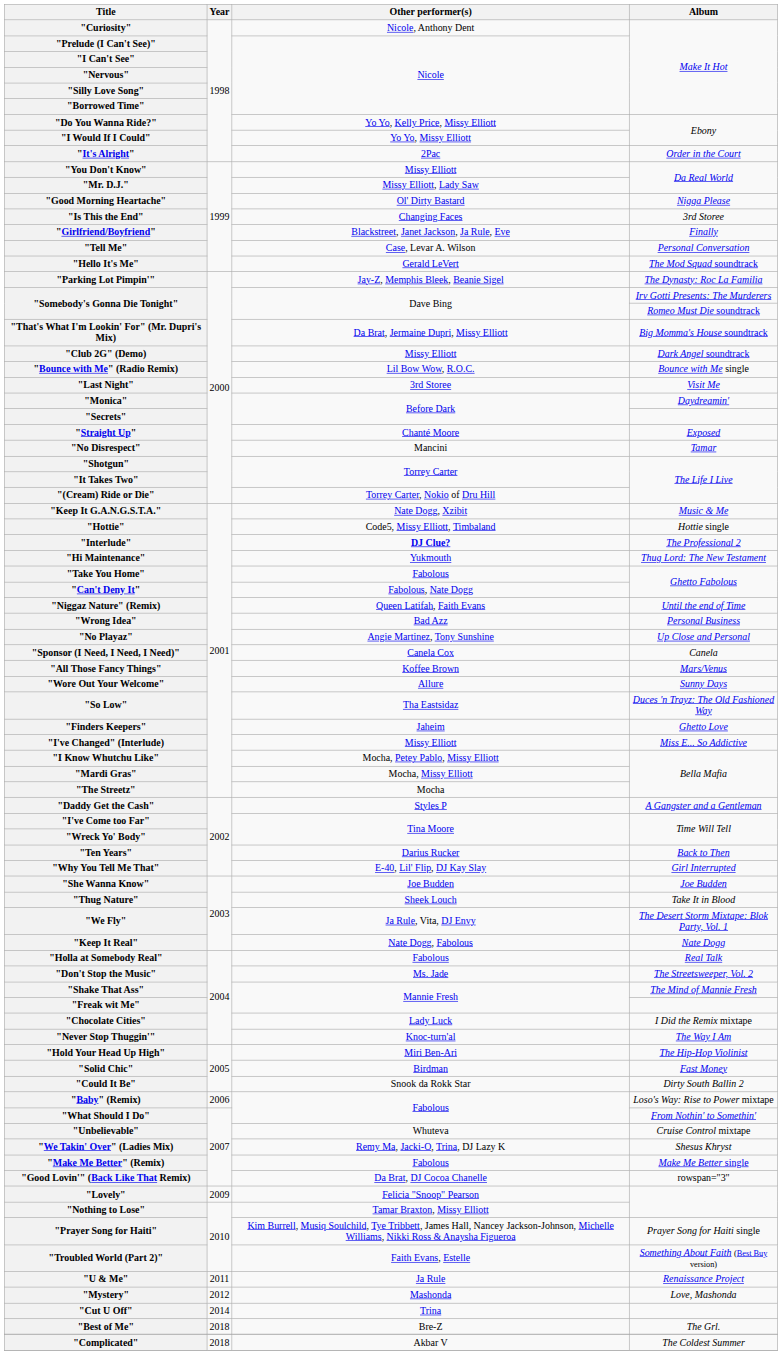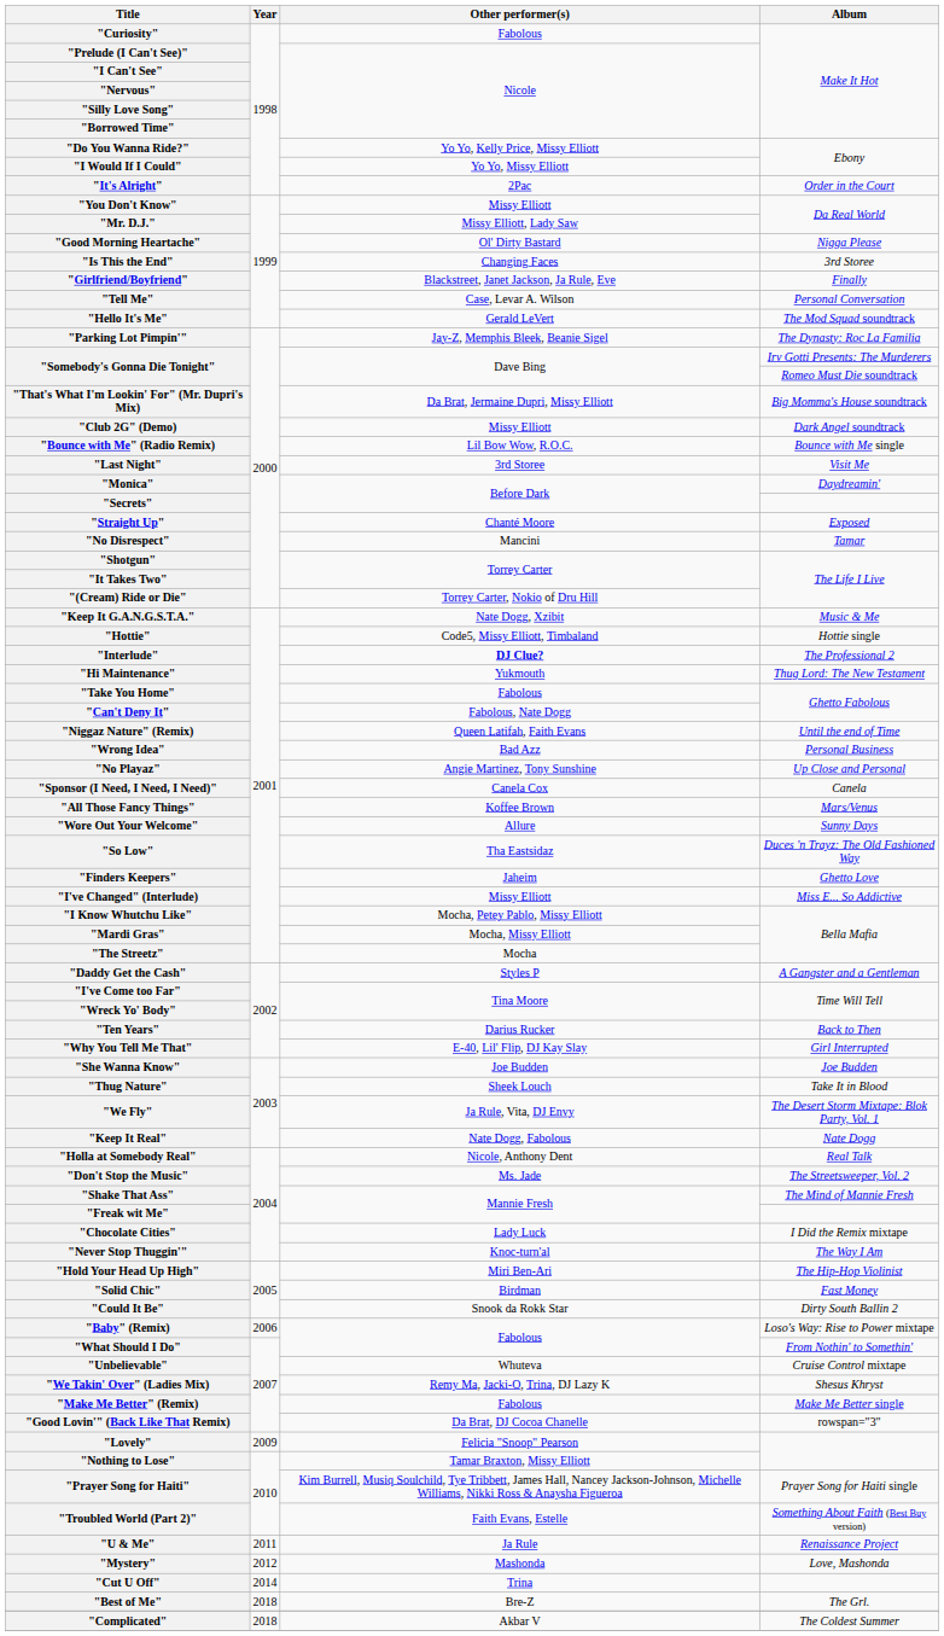 <table class="wikitable plainrowheaders" style="text-align:center;">
 <tr>
 <th scope="col" style="width:20em;">Title</th>
 <th scope="col">Year</th>
 <th scope="col">Other performer(s)</th>
 <th scope="col">Album</th>
 </tr>
 <tr>
 <th scope="row">"Curiosity"</th>
 <td rowspan="9">1998</td>
-<td><a href='#'>Nicole</a>, Anthony Dent</td>
+<td><a href='#'>Fabolous</a></td>
 <td rowspan="6"><em><a href='#'>Make It Hot</a></em></td>
 </tr>
 <tr>
 <th scope="row">"Prelude (I Can't See)"</th>
 <td rowspan="5"><a href='#'>Nicole</a></td>
 </tr>
 <tr>
 <th scope="row">"I Can't See"</th>
 </tr>
 <tr>
 <th scope="row">"Nervous"</th>
 </tr>
 <tr>
 <th scope="row">"Silly Love Song"</th>
 </tr>
 <tr>
 <th scope="row">"Borrowed Time"</th>
 </tr>
 <tr>
 <th scope="row">"Do You Wanna Ride?"</th>
 <td><a href='#'>Yo Yo</a>, <a href='#'>Kelly Price</a>, <a href='#'>Missy Elliott</a></td>
 <td rowspan="2"><em>Ebony</em></td>
 </tr>
 <tr>
 <th scope="row">"I Would If I Could"</th>
 <td><a href='#'>Yo Yo</a>, <a href='#'>Missy Elliott</a></td>
 </tr>
 <tr>
 <th scope="row">"<a href='#'>It's Alright</a>"</th>
 <td><a href='#'>2Pac</a></td>
 <td><em><a href='#'>Order in the Court</a></em></td>
 </tr>
 <tr>
 <th scope="row">"You Don't Know"</th>
 <td rowspan="7">1999</td>
 <td><a href='#'>Missy Elliott</a></td>
 <td rowspan="2"><em><a href='#'>Da Real World</a></em></td>
 </tr>
 <tr>
 <th scope="row">"Mr. D.J."</th>
 <td><a href='#'>Missy Elliott</a>, <a href='#'>Lady Saw</a></td>
 </tr>
 <tr>
 <th scope="row">"Good Morning Heartache"</th>
 <td><a href='#'>Ol' Dirty Bastard</a></td>
 <td><em><a href='#'>Nigga Please</a></em></td>
 </tr>
 <tr>
 <th scope="row">"Is This the End"</th>
 <td><a href='#'>Changing Faces</a></td>
 <td><em>3rd Storee</em></td>
 </tr>
 <tr>
 <th scope="row">"<a href='#'>Girlfriend/Boyfriend</a>"</th>
 <td><a href='#'>Blackstreet</a>, <a href='#'>Janet Jackson</a>, <a href='#'>Ja Rule</a>, <a href='#'>Eve</a></td>
 <td><em><a href='#'>Finally</a></em></td>
 </tr>
 <tr>
 <th scope="row">"Tell Me"</th>
 <td><a href='#'>Case</a>, Levar A. Wilson</td>
 <td><em><a href='#'>Personal Conversation</a></em></td>
 </tr>
 <tr>
 <th scope="row">"Hello It's Me"</th>
 <td><a href='#'>Gerald LeVert</a></td>
 <td><a href='#'><em>The Mod Squad</em> soundtrack</a></td>
 </tr>
 <tr>
 <th scope="row">"Parking Lot Pimpin'"</th>
 <td rowspan="14">2000</td>
 <td><a href='#'>Jay-Z</a>, <a href='#'>Memphis Bleek</a>, <a href='#'>Beanie Sigel</a></td>
 <td><em><a href='#'>The Dynasty: Roc La Familia</a></em></td>
 </tr>
 <tr>
 <th scope="row" rowspan="2">"Somebody's Gonna Die Tonight"</th>
 <td rowspan="2">Dave Bing</td>
 <td><em><a href='#'>Irv Gotti Presents: The Murderers</a></em></td>
 </tr>
 <tr>
 <td><a href='#'><em>Romeo Must Die</em> soundtrack</a></td>
 </tr>
 <tr>
 <th scope="row">"That's What I'm Lookin' For" (Mr. Dupri's Mix)</th>
 <td><a href='#'>Da Brat</a>, <a href='#'>Jermaine Dupri</a>, <a href='#'>Missy Elliott</a></td>
 <td><a href='#'><em>Big Momma's House</em> soundtrack</a></td>
 </tr>
 <tr>
 <th scope="row">"Club 2G" (Demo)</th>
 <td><a href='#'>Missy Elliott</a></td>
 <td><a href='#'><em>Dark Angel</em> soundtrack</a></td>
 </tr>
 <tr>
 <th scope="row">"<a href='#'>Bounce with Me</a>" (Radio Remix)</th>
 <td><a href='#'>Lil Bow Wow</a>, <a href='#'>R.O.C.</a></td>
 <td><em><a href='#'>Bounce with Me</a></em> single</td>
 </tr>
 <tr>
 <th scope="row">"Last Night"</th>
 <td><a href='#'>3rd Storee</a></td>
 <td><em><a href='#'>Visit Me</a></em></td>
 </tr>
 <tr>
 <th scope="row">"Monica"</th>
 <td rowspan="2"><a href='#'>Before Dark</a></td>
 <td><em><a href='#'>Daydreamin'</a></em></td>
 </tr>
 <tr>
 <th scope="row">"Secrets"</th>
 <td></td>
 </tr>
 <tr>
 <th scope="row">"<a href='#'>Straight Up</a>"</th>
 <td><a href='#'>Chanté Moore</a></td>
 <td><em><a href='#'>Exposed</a></em></td>
 </tr>
 <tr>
 <th scope="row">"No Disrespect"</th>
 <td>Mancini</td>
 <td><em><a href='#'>Tamar</a></em></td>
 </tr>
 <tr>
 <th scope="row">"Shotgun"</th>
 <td rowspan="2"><a href='#'>Torrey Carter</a></td>
 <td rowspan="3"><em><a href='#'>The Life I Live</a></em></td>
 </tr>
 <tr>
 <th scope="row">"It Takes Two"</th>
 </tr>
 <tr>
 <th scope="row">"(Cream) Ride or Die"</th>
 <td><a href='#'>Torrey Carter</a>, <a href='#'>Nokio</a> of <a href='#'>Dru Hill</a></td>
 </tr>
 <tr>
 <th scope="row">"Keep It G.A.N.G.S.T.A."</th>
 <td rowspan="18">2001</td>
 <td><a href='#'>Nate Dogg</a>, <a href='#'>Xzibit</a></td>
 <td><em><a href='#'>Music & Me</a></em></td>
 </tr>
 <tr>
 <th scope="row">"Hottie"</th>
 <td>Code5, <a href='#'>Missy Elliott</a>, <a href='#'>Timbaland</a></td>
 <td><em>Hottie</em> single</td>
 </tr>
 <tr>
 <th scope="row">"Interlude"</th>
 <td><strong><a href='#'>DJ Clue?</a></strong></td>
 <td><em><a href='#'>The Professional 2</a></em></td>
 </tr>
 <tr>
 <th scope="row">"Hi Maintenance"</th>
 <td><a href='#'>Yukmouth</a></td>
 <td><em><a href='#'>Thug Lord: The New Testament</a></em></td>
 </tr>
 <tr>
 <th scope="row">"Take You Home"</th>
 <td><a href='#'>Fabolous</a></td>
 <td rowspan="2"><em><a href='#'>Ghetto Fabolous</a></em></td>
 </tr>
 <tr>
 <th scope="row">"<a href='#'>Can't Deny It</a>"</th>
 <td><a href='#'>Fabolous</a>, <a href='#'>Nate Dogg</a></td>
 </tr>
 <tr>
 <th scope="row">"Niggaz Nature" (Remix)</th>
 <td><a href='#'>Queen Latifah</a>, <a href='#'>Faith Evans</a></td>
 <td><em><a href='#'>Until the end of Time</a></em></td>
 </tr>
 <tr>
 <th scope="row">"Wrong Idea"</th>
 <td><a href='#'>Bad Azz</a></td>
 <td><em><a href='#'>Personal Business</a></em></td>
 </tr>
 <tr>
 <th scope="row">"No Playaz"</th>
 <td><a href='#'>Angie Martinez</a>, <a href='#'>Tony Sunshine</a></td>
 <td><em><a href='#'>Up Close and Personal</a></em></td>
 </tr>
 <tr>
 <th scope="row">"Sponsor (I Need, I Need, I Need)"</th>
 <td><a href='#'>Canela Cox</a></td>
 <td><em>Canela</em></td>
 </tr>
 <tr>
 <th scope="row">"All Those Fancy Things"</th>
 <td><a href='#'>Koffee Brown</a></td>
 <td><em><a href='#'>Mars/Venus</a></em></td>
 </tr>
 <tr>
 <th scope="row">"Wore Out Your Welcome"</th>
 <td><a href='#'>Allure</a></td>
 <td><em><a href='#'>Sunny Days</a></em></td>
 </tr>
 <tr>
 <th scope="row">"So Low"</th>
 <td><a href='#'>Tha Eastsidaz</a></td>
 <td><em><a href='#'>Duces 'n Trayz: The Old Fashioned Way</a></em></td>
 </tr>
 <tr>
 <th scope="row">"Finders Keepers"</th>
 <td><a href='#'>Jaheim</a></td>
 <td><em><a href='#'>Ghetto Love</a></em></td>
 </tr>
 <tr>
 <th scope="row">"I've Changed" (Interlude)</th>
 <td><a href='#'>Missy Elliott</a></td>
 <td><em><a href='#'>Miss E... So Addictive</a></em></td>
 </tr>
 <tr>
 <th scope="row">"I Know Whutchu Like"</th>
 <td>Mocha, <a href='#'>Petey Pablo</a>, <a href='#'>Missy Elliott</a></td>
 <td rowspan="3"><em>Bella Mafia</em></td>
 </tr>
 <tr>
 <th scope="row">"Mardi Gras"</th>
 <td>Mocha, <a href='#'>Missy Elliott</a></td>
 </tr>
 <tr>
 <th scope="row">"The Streetz"</th>
 <td>Mocha</td>
 </tr>
 <tr>
 <th scope="row">"Daddy Get the Cash"</th>
 <td rowspan="5">2002</td>
 <td><a href='#'>Styles P</a></td>
 <td><em><a href='#'>A Gangster and a Gentleman</a></em></td>
 </tr>
 <tr>
 <th scope="row">"I've Come too Far"</th>
 <td rowspan="2"><a href='#'>Tina Moore</a></td>
 <td rowspan="2"><em>Time Will Tell</em></td>
 </tr>
 <tr>
 <th scope="row">"Wreck Yo' Body"</th>
 </tr>
 <tr>
 <th scope="row">"Ten Years"</th>
 <td><a href='#'>Darius Rucker</a></td>
 <td><em><a href='#'>Back to Then</a></em></td>
 </tr>
 <tr>
 <th scope="row">"Why You Tell Me That"</th>
 <td><a href='#'>E-40</a>, <a href='#'>Lil' Flip</a>, <a href='#'>DJ Kay Slay</a></td>
 <td><em><a href='#'>Girl Interrupted</a></em></td>
 </tr>
 <tr>
 <th scope="row">"She Wanna Know"</th>
 <td rowspan="4">2003</td>
 <td><a href='#'>Joe Budden</a></td>
 <td><a href='#'><em>Joe Budden</em></a></td>
 </tr>
 <tr>
 <th scope="row">"Thug Nature"</th>
 <td><a href='#'>Sheek Louch</a></td>
 <td><em>Take It in Blood</em></td>
 </tr>
 <tr>
 <th scope="row">"We Fly"</th>
 <td><a href='#'>Ja Rule</a>, Vita, <a href='#'>DJ Envy</a></td>
 <td><em><a href='#'>The Desert Storm Mixtape: Blok Party, Vol. 1</a></em></td>
 </tr>
 <tr>
 <th scope="row">"Keep It Real"</th>
 <td><a href='#'>Nate Dogg</a>, <a href='#'>Fabolous</a></td>
 <td><em><a href='#'>Nate Dogg</a></em></td>
 </tr>
 <tr>
 <th scope="row">"Holla at Somebody Real"</th>
 <td rowspan="6">2004</td>
-<td><a href='#'>Fabolous</a></td>
+<td><a href='#'>Nicole</a>, Anthony Dent</td>
 <td><em><a href='#'>Real Talk</a></em></td>
 </tr>
 <tr>
 <th scope="row">"Don't Stop the Music"</th>
 <td><a href='#'>Ms. Jade</a></td>
 <td><em><a href='#'>The Streetsweeper, Vol. 2</a></em></td>
 </tr>
 <tr>
 <th scope="row">"Shake That Ass"</th>
 <td rowspan="2"><a href='#'>Mannie Fresh</a></td>
 <td><em><a href='#'>The Mind of Mannie Fresh</a></em></td>
 </tr>
 <tr>
 <th scope="row">"Freak wit Me"</th>
 <td></td>
 </tr>
 <tr>
 <th scope="row">"Chocolate Cities"</th>
 <td><a href='#'>Lady Luck</a></td>
 <td><em>I Did the Remix</em> mixtape</td>
 </tr>
 <tr>
 <th scope="row">"Never Stop Thuggin'"</th>
 <td><a href='#'>Knoc-turn'al</a></td>
 <td><em><a href='#'>The Way I Am</a></em></td>
 </tr>
 <tr>
 <th scope="row">"Hold Your Head Up High"</th>
 <td rowspan="3">2005</td>
 <td><a href='#'>Miri Ben-Ari</a></td>
 <td><em><a href='#'>The Hip-Hop Violinist</a></em></td>
 </tr>
 <tr>
 <th scope="row">"Solid Chic"</th>
 <td><a href='#'>Birdman</a></td>
 <td><em><a href='#'>Fast Money</a></em></td>
 </tr>
 <tr>
 <th scope="row">"Could It Be"</th>
 <td>Snook da Rokk Star</td>
 <td><em>Dirty South Ballin 2</em></td>
 </tr>
 <tr>
 <th scope="row">"<a href='#'>Baby</a>" (Remix)</th>
 <td>2006</td>
 <td rowspan="2"><a href='#'>Fabolous</a></td>
 <td><em>Loso's Way: Rise to Power</em> mixtape</td>
 </tr>
 <tr>
 <th scope="row">"What Should I Do"</th>
 <td rowspan="5">2007</td>
 <td><em><a href='#'>From Nothin' to Somethin'</a></em></td>
 </tr>
 <tr>
 <th scope="row">"Unbelievable"</th>
 <td>Whuteva</td>
 <td><em>Cruise Control</em> mixtape</td>
 </tr>
 <tr>
 <th scope="row">"<a href='#'>We Takin' Over</a>" (Ladies Mix)</th>
 <td><a href='#'>Remy Ma</a>, <a href='#'>Jacki-O</a>, <a href='#'>Trina</a>, DJ Lazy K</td>
 <td><em>Shesus Khryst</em></td>
 </tr>
 <tr>
 <th scope="row">"<a href='#'>Make Me Better</a>" (Remix)</th>
 <td><a href='#'>Fabolous</a></td>
 <td><a href='#'><em>Make Me Better</em> single</a></td>
 </tr>
 <tr>
 <th scope="row">"Good Lovin'" (<a href='#'>Back Like That</a> Remix)</th>
 <td><a href='#'>Da Brat</a>, <a href='#'>DJ Cocoa Chanelle</a></td>
 <td>rowspan="3" </td>
 </tr>
 <tr>
 <th scope="row">"Lovely"</th>
 <td>2009</td>
 <td><a href='#'>Felicia "Snoop" Pearson</a></td>
 </tr>
 <tr>
 <th scope="row">"Nothing to Lose"</th>
 <td rowspan="3">2010</td>
 <td><a href='#'>Tamar Braxton</a>, <a href='#'>Missy Elliott</a></td>
 </tr>
 <tr>
 <th scope="row">"Prayer Song for Haiti"</th>
 <td><a href='#'>Kim Burrell</a>, <a href='#'>Musiq Soulchild</a>, <a href='#'>Tye Tribbett</a>, James Hall, Nancey Jackson-Johnson, <a href='#'>Michelle Williams</a>, <a href='#'>Nikki Ross & Anaysha Figueroa</a></td>
 <td><em>Prayer Song for Haiti</em> single</td>
 </tr>
 <tr>
 <th scope="row">"Troubled World (Part 2)"</th>
 <td><a href='#'>Faith Evans</a>, <a href='#'>Estelle</a></td>
 <td><em><a href='#'>Something About Faith</a></em> <small>(<a href='#'>Best Buy</a> version)</small></td>
 </tr>
 <tr>
 <th scope="row">"U & Me"</th>
 <td>2011</td>
 <td><a href='#'>Ja Rule</a></td>
 <td><em><a href='#'>Renaissance Project</a></em></td>
 </tr>
 <tr>
 <th scope="row">"Mystery"</th>
 <td>2012</td>
 <td><a href='#'>Mashonda</a></td>
 <td><em>Love, Mashonda</em></td>
 </tr>
 <tr>
 <th scope="row">"Cut U Off"</th>
 <td>2014</td>
 <td><a href='#'>Trina</a></td>
 <td></td>
 </tr>
 <tr>
 <th scope="row">"Best of Me"</th>
 <td>2018</td>
 <td>Bre-Z</td>
 <td><em>The Grl.</em></td>
 </tr>
 <tr>
 </tr>
 <tr>
 <th scope="row">"Complicated"</th>
 <td>2018</td>
 <td>Akbar V</td>
 <td><em>The Coldest Summer</em></td>
 </tr>
 <tr>
 </tr>
 <tr>
 </tr>
 </table>
